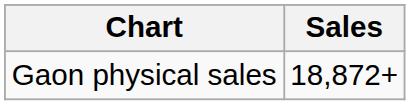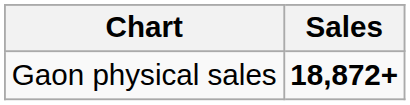 <table class="wikitable">
 <tr>
 <th>Chart</th>
 <th>Sales</th>
 </tr>
 <tr>
 <td>Gaon physical sales</td>
-<td align="center">18,872+</td>
+<td align="center"><strong>18,872+</strong></td>
 </tr>
 </table>
